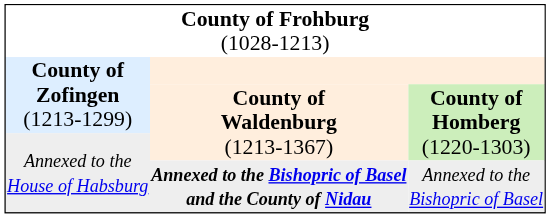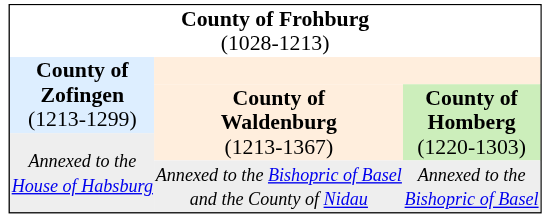 <table align="center" style="border-spacing: 0px; border: 1px solid black; text-align: center;">
 <tr>
 <td colspan=3 style="background: #fff;"><strong>County of Frohburg</strong><br>(1028-1213)</td>
 </tr>
 <tr>
 <td colspan=1 rowspan="2" style="background: #def;"><strong>County of<br>Zofingen</strong><br>(1213-1299)</td>
 <td colspan=2 style="background: #fed;">      </td>
 </tr>
 <tr>
 <td colspan=1 rowspan="3" style="background: #fed;"><strong>County of<br>Waldenburg</strong><br>(1213-1367)</td>
 <td colspan=1 rowspan="2" style="background: #ceb;"><strong>County of<br>Homberg</strong><br>(1220-1303)</td>
 </tr>
 <tr>
 <td colspan=1 rowspan="3" style="background: #eee;"><small><em>Annexed to the<br> <a href='#'>House of Habsburg</a></em></small></td>
 </tr>
 <tr>
 <td colspan=1 rowspan="2" style="background: #eee;"><small><em>Annexed to the<br> <a href='#'>Bishopric of Basel</a></em></small></td>
 </tr>
 <tr>
-<td colspan=1 style="background: #eee;"><strong><small><em>Annexed to the <a href='#'>Bishopric of Basel</a><br> and the County of <a href='#'>Nidau</a></em></small></strong></td>
+<td colspan=1 style="background: #eee;"><small><em>Annexed to the <a href='#'>Bishopric of Basel</a><br> and the County of <a href='#'>Nidau</a></em></small></td>
 </tr>
 <tr>
 </tr>
 </table>
